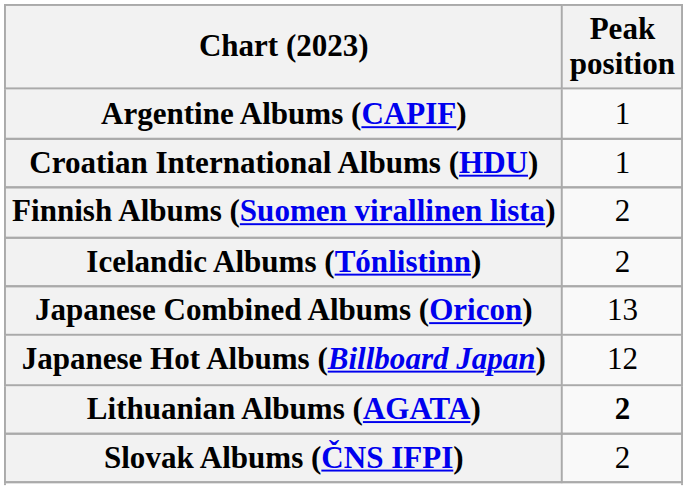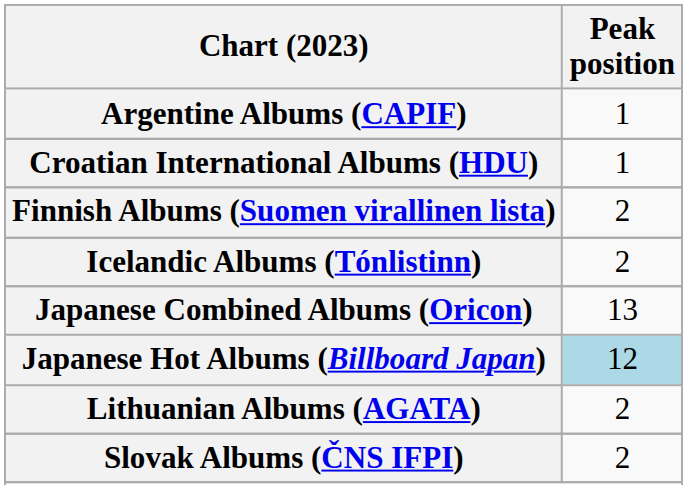 <table class="wikitable sortable plainrowheaders" style="text-align:center;">
 <tr>
 <th scope="col">Chart (2023)</th>
 <th scope="col">Peak<br>position</th>
 </tr>
 <tr>
 <th scope="row">Argentine Albums (<a href='#'>CAPIF</a>)</th>
 <td>1</td>
 </tr>
 <tr>
 </tr>
 <tr>
 </tr>
 <tr>
 </tr>
 <tr>
 </tr>
 <tr>
 </tr>
 <tr>
 <th scope="row">Croatian International Albums (<a href='#'>HDU</a>)</th>
 <td>1</td>
 </tr>
 <tr>
 </tr>
 <tr>
 </tr>
 <tr>
 </tr>
 <tr>
 <th scope="row">Finnish Albums (<a href='#'>Suomen virallinen lista</a>)</th>
 <td>2</td>
 </tr>
 <tr>
 </tr>
 <tr>
 </tr>
 <tr>
 </tr>
 <tr>
 <th scope="row">Icelandic Albums (<a href='#'>Tónlistinn</a>)</th>
 <td>2</td>
 </tr>
 <tr>
 </tr>
 <tr>
 </tr>
 <tr>
 </tr>
 <tr>
 <th scope="row">Japanese Combined Albums (<a href='#'>Oricon</a>)</th>
 <td>13</td>
 </tr>
 <tr>
 <th scope="row">Japanese Hot Albums (<em><a href='#'>Billboard Japan</a></em>)</th>
-<td>12</td>
+<td style="background: lightblue;">12</td>
 </tr>
 <tr>
 <th scope="row">Lithuanian Albums (<a href='#'>AGATA</a>)</th>
-<td><strong>2</strong></td>
+<td>2</td>
 </tr>
 <tr>
 </tr>
 <tr>
 </tr>
 <tr>
 </tr>
 <tr>
 </tr>
 <tr>
 </tr>
 <tr>
 <th scope="row">Slovak Albums (<a href='#'>ČNS IFPI</a>)</th>
 <td>2</td>
 </tr>
 <tr>
 </tr>
 <tr>
 </tr>
 <tr>
 </tr>
 <tr>
 </tr>
 </table>
